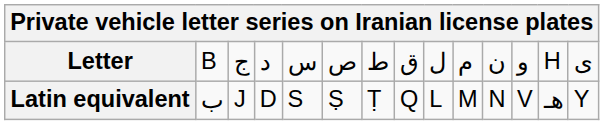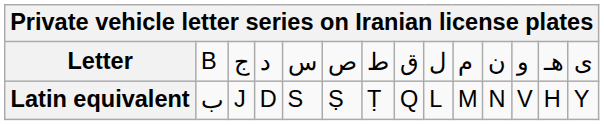 <table class="wikitable">
 <tr>
 <th colspan="14">Private vehicle letter series on Iranian license plates</th>
 </tr>
 <tr>
 <th>Letter</th>
 <td>B</td>
 <td>ج</td>
 <td>د</td>
 <td>س</td>
 <td>‌ص</td>
 <td>ط</td>
 <td>ق</td>
 <td>ل</td>
 <td>م</td>
 <td>ن</td>
 <td>و</td>
-<td>H</td>
+<td>هـ</td>
 <td>ی</td>
 </tr>
 <tr>
 <th>Latin equivalent</th>
 <td>ب</td>
 <td>J</td>
 <td>D</td>
 <td>S</td>
 <td>Ṣ</td>
 <td>Ṭ</td>
 <td>Q</td>
 <td>L</td>
 <td>M</td>
 <td>N</td>
 <td>V</td>
-<td>هـ</td>
+<td>H</td>
 <td>Y</td>
 </tr>
 </table>
